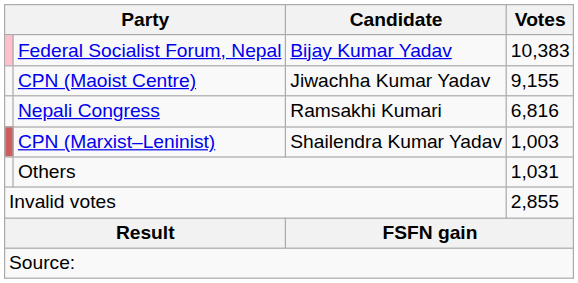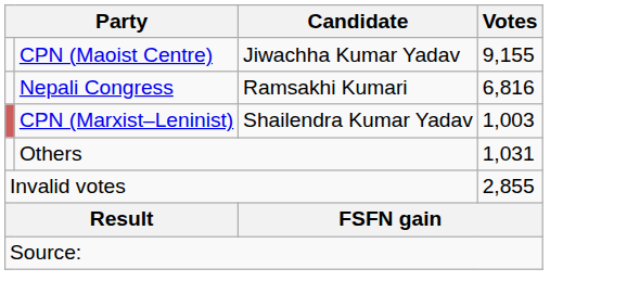 <table class="wikitable">
 <tr>
 <th colspan="2">Party</th>
 <th>Candidate</th>
 <th>Votes</th>
-</tr>
-<tr>
-<td style="background-color:pink"></td>
-<td><a href='#'>Federal Socialist Forum, Nepal</a></td>
-<td><a href='#'>Bijay Kumar Yadav</a></td>
-<td>10,383</td>
 </tr>
 <tr>
 <td style="background-color:"></td>
 <td><a href='#'>CPN (Maoist Centre)</a></td>
 <td>Jiwachha Kumar Yadav</td>
 <td>9,155</td>
 </tr>
 <tr>
 <td style="background-color:"></td>
 <td><a href='#'>Nepali Congress</a></td>
 <td>Ramsakhi Kumari</td>
 <td>6,816</td>
 </tr>
 <tr>
 <td style="background-color:indianred"></td>
 <td><a href='#'>CPN (Marxist–Leninist)</a></td>
 <td>Shailendra Kumar Yadav</td>
 <td>1,003</td>
 </tr>
 <tr>
 <td></td>
 <td colspan="2">Others</td>
 <td>1,031</td>
 </tr>
 <tr>
 <td colspan="3">Invalid votes</td>
 <td>2,855</td>
 </tr>
 <tr>
 <th colspan="2">Result</th>
 <th colspan="2">FSFN gain</th>
 </tr>
 <tr>
 <td colspan="4">Source: </td>
 </tr>
 </table>
